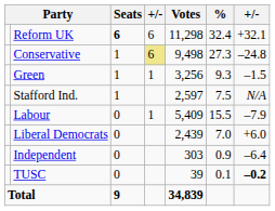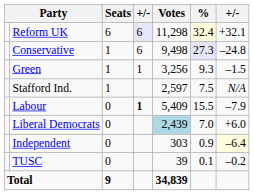 <table class="wikitable sortable">
 <tr>
 <th colspan="2">Party</th>
 <th>Seats</th>
 <th>+/-</th>
 <th>Votes</th>
 <th>%</th>
 <th>+/-</th>
 </tr>
 <tr>
 <td style="background-color: "></td>
 <td><a href='#'>Reform UK</a></td>
-<td><strong>6</strong></td>
-<td> 6</td>
+<td>6</td>
+<td style="background: lavender;"> 6</td>
 <td style="text-align:right;">11,298</td>
-<td style="text-align:right;">32.4</td>
+<td style="background: lightyellow; text-align:right;">32.4</td>
 <td style="text-align:right;">+32.1</td>
 </tr>
 <tr>
 <td style="background-color: "></td>
 <td><a href='#'>Conservative</a></td>
 <td>1</td>
-<td style="background: khaki;"> 6</td>
+<td> 6</td>
 <td style="text-align:right;">9,498</td>
-<td style="text-align:right;">27.3</td>
+<td style="background: lavender; text-align:right;">27.3</td>
 <td style="text-align:right;">–24.8</td>
 </tr>
 <tr>
 <td style="background-color: "></td>
 <td><a href='#'>Green</a></td>
 <td>1</td>
 <td> 1</td>
 <td style="text-align:right;">3,256</td>
 <td style="text-align:right;">9.3</td>
 <td style="text-align:right;">–1.5</td>
 </tr>
 <tr>
 <td style="background-color: "></td>
 <td>Stafford Ind.</td>
 <td>1</td>
 <td></td>
 <td style="text-align:right;">2,597</td>
 <td style="text-align:right;">7.5</td>
 <td style="text-align:right;"><em>N/A</em></td>
 </tr>
 <tr>
 <td style="background-color: "></td>
 <td><a href='#'>Labour</a></td>
 <td>0</td>
-<td> 1</td>
+<td><strong> 1</strong></td>
 <td style="text-align:right;">5,409</td>
 <td style="text-align:right;">15.5</td>
 <td style="text-align:right;">–7.9</td>
 </tr>
 <tr>
 <td style="background-color: "></td>
 <td><a href='#'>Liberal Democrats</a></td>
 <td>0</td>
 <td></td>
-<td style="text-align:right;">2,439</td>
+<td style="background: lightblue; text-align:right;">2,439</td>
 <td style="text-align:right;">7.0</td>
 <td style="text-align:right;">+6.0</td>
 </tr>
 <tr>
 <td style="background-color: "></td>
 <td><a href='#'>Independent</a></td>
 <td>0</td>
 <td></td>
 <td style="text-align:right;">303</td>
 <td style="text-align:right;">0.9</td>
-<td style="text-align:right;">–6.4</td>
+<td style="background: lightyellow; text-align:right;">–6.4</td>
 </tr>
 <tr>
 <td style="background-color: "></td>
 <td><a href='#'>TUSC</a></td>
 <td>0</td>
 <td></td>
 <td style="text-align:right;">39</td>
 <td style="text-align:right;">0.1</td>
-<td style="text-align:right;"><strong>–0.2</strong></td>
+<td style="text-align:right;">–0.2</td>
 </tr>
 <tr>
 <td colspan="2"><strong>Total</strong></td>
 <td><strong>9</strong></td>
 <td></td>
 <td style="text-align:right;"><strong>34,839</strong></td>
 <td style="text-align:right;"></td>
 <td style="text-align:right;"></td>
 </tr>
 </table>
